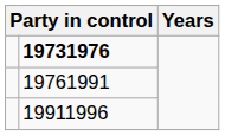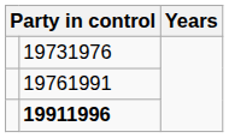 <table class="wikitable">
 <tr>
 <th colspan="2">Party in control</th>
 <th>Years</th>
 </tr>
 <tr>
 <td></td>
-<td><strong>19731976</strong></td>
+<td>19731976</td>
 </tr>
 <tr>
 <td></td>
 <td>19761991</td>
 </tr>
 <tr>
 <td></td>
-<td>19911996</td>
+<td><strong>19911996</strong></td>
 </tr>
 </table>
